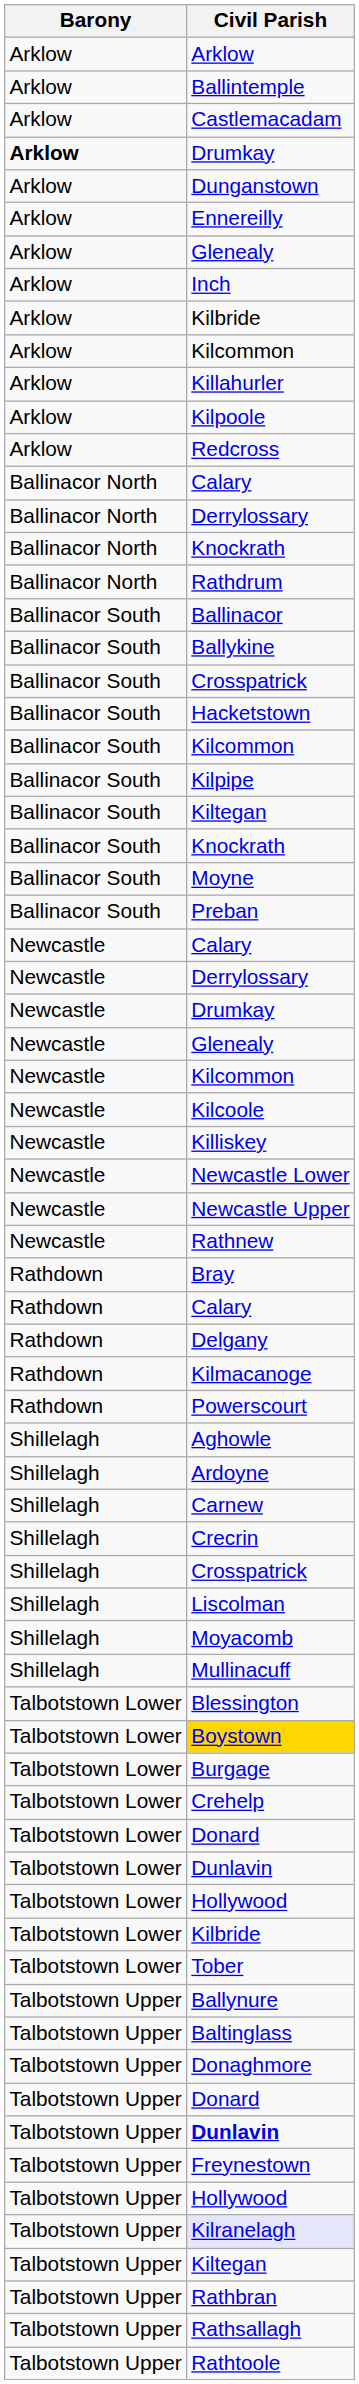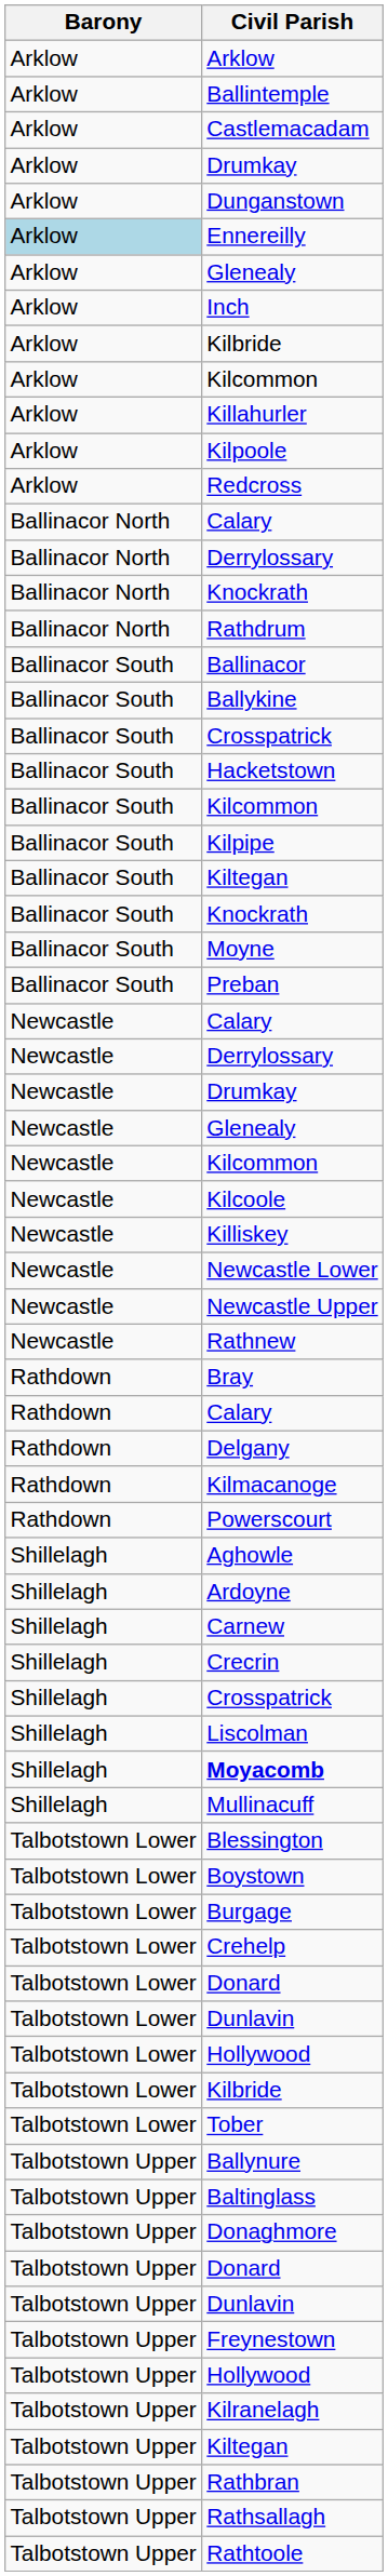 <table class="wikitable">
 <tr>
 <th>Barony</th>
 <th>Civil Parish</th>
 </tr>
 <tr>
 <td>Arklow</td>
 <td><a href='#'>Arklow</a></td>
 </tr>
 <tr>
 <td>Arklow</td>
 <td><a href='#'>Ballintemple</a></td>
 </tr>
 <tr>
 <td>Arklow</td>
 <td><a href='#'>Castlemacadam</a></td>
 </tr>
 <tr>
-<td><strong>Arklow</strong></td>
+<td>Arklow</td>
 <td><a href='#'>Drumkay</a></td>
 </tr>
 <tr>
 <td>Arklow</td>
 <td><a href='#'>Dunganstown</a></td>
 </tr>
 <tr>
-<td>Arklow</td>
+<td style="background: lightblue;">Arklow</td>
 <td><a href='#'>Ennereilly</a></td>
 </tr>
 <tr>
 <td>Arklow</td>
 <td><a href='#'>Glenealy</a></td>
 </tr>
 <tr>
 <td>Arklow</td>
 <td><a href='#'>Inch</a></td>
 </tr>
 <tr>
 <td>Arklow</td>
 <td>Kilbride</td>
 </tr>
 <tr>
 <td>Arklow</td>
 <td>Kilcommon</td>
 </tr>
 <tr>
 <td>Arklow</td>
 <td><a href='#'>Killahurler</a></td>
 </tr>
 <tr>
 <td>Arklow</td>
 <td><a href='#'>Kilpoole</a></td>
 </tr>
 <tr>
 <td>Arklow</td>
 <td><a href='#'>Redcross</a></td>
 </tr>
 <tr>
 <td>Ballinacor North</td>
 <td><a href='#'>Calary</a></td>
 </tr>
 <tr>
 <td>Ballinacor North</td>
 <td><a href='#'>Derrylossary</a></td>
 </tr>
 <tr>
 <td>Ballinacor North</td>
 <td><a href='#'>Knockrath</a></td>
 </tr>
 <tr>
 <td>Ballinacor North</td>
 <td><a href='#'>Rathdrum</a></td>
 </tr>
 <tr>
 <td>Ballinacor South</td>
 <td><a href='#'>Ballinacor</a></td>
 </tr>
 <tr>
 <td>Ballinacor South</td>
 <td><a href='#'>Ballykine</a></td>
 </tr>
 <tr>
 <td>Ballinacor South</td>
 <td><a href='#'>Crosspatrick</a></td>
 </tr>
 <tr>
 <td>Ballinacor South</td>
 <td><a href='#'>Hacketstown</a></td>
 </tr>
 <tr>
 <td>Ballinacor South</td>
 <td><a href='#'>Kilcommon</a></td>
 </tr>
 <tr>
 <td>Ballinacor South</td>
 <td><a href='#'>Kilpipe</a></td>
 </tr>
 <tr>
 <td>Ballinacor South</td>
 <td><a href='#'>Kiltegan</a></td>
 </tr>
 <tr>
 <td>Ballinacor South</td>
 <td><a href='#'>Knockrath</a></td>
 </tr>
 <tr>
 <td>Ballinacor South</td>
 <td><a href='#'>Moyne</a></td>
 </tr>
 <tr>
 <td>Ballinacor South</td>
 <td><a href='#'>Preban</a></td>
 </tr>
 <tr>
 <td>Newcastle</td>
 <td><a href='#'>Calary</a></td>
 </tr>
 <tr>
 <td>Newcastle</td>
 <td><a href='#'>Derrylossary</a></td>
 </tr>
 <tr>
 <td>Newcastle</td>
 <td><a href='#'>Drumkay</a></td>
 </tr>
 <tr>
 <td>Newcastle</td>
 <td><a href='#'>Glenealy</a></td>
 </tr>
 <tr>
 <td>Newcastle</td>
 <td><a href='#'>Kilcommon</a></td>
 </tr>
 <tr>
 <td>Newcastle</td>
 <td><a href='#'>Kilcoole</a></td>
 </tr>
 <tr>
 <td>Newcastle</td>
 <td><a href='#'>Killiskey</a></td>
 </tr>
 <tr>
 <td>Newcastle</td>
 <td><a href='#'>Newcastle Lower</a></td>
 </tr>
 <tr>
 <td>Newcastle</td>
 <td><a href='#'>Newcastle Upper</a></td>
 </tr>
 <tr>
 <td>Newcastle</td>
 <td><a href='#'>Rathnew</a></td>
 </tr>
 <tr>
 <td>Rathdown</td>
 <td><a href='#'>Bray</a></td>
 </tr>
 <tr>
 <td>Rathdown</td>
 <td><a href='#'>Calary</a></td>
 </tr>
 <tr>
 <td>Rathdown</td>
 <td><a href='#'>Delgany</a></td>
 </tr>
 <tr>
 <td>Rathdown</td>
 <td><a href='#'>Kilmacanoge</a></td>
 </tr>
 <tr>
 <td>Rathdown</td>
 <td><a href='#'>Powerscourt</a></td>
 </tr>
 <tr>
 <td>Shillelagh</td>
 <td><a href='#'>Aghowle</a></td>
 </tr>
 <tr>
 <td>Shillelagh</td>
 <td><a href='#'>Ardoyne</a></td>
 </tr>
 <tr>
 <td>Shillelagh</td>
 <td><a href='#'>Carnew</a></td>
 </tr>
 <tr>
 <td>Shillelagh</td>
 <td><a href='#'>Crecrin</a></td>
 </tr>
 <tr>
 <td>Shillelagh</td>
 <td><a href='#'>Crosspatrick</a></td>
 </tr>
 <tr>
 <td>Shillelagh</td>
 <td><a href='#'>Liscolman</a></td>
 </tr>
 <tr>
 <td>Shillelagh</td>
-<td><a href='#'>Moyacomb</a></td>
+<td><strong><a href='#'>Moyacomb</a></strong></td>
 </tr>
 <tr>
 <td>Shillelagh</td>
 <td><a href='#'>Mullinacuff</a></td>
 </tr>
 <tr>
 <td>Talbotstown Lower</td>
 <td><a href='#'>Blessington</a></td>
 </tr>
 <tr>
 <td>Talbotstown Lower</td>
-<td style="background: gold;"><a href='#'>Boystown</a></td>
+<td><a href='#'>Boystown</a></td>
 </tr>
 <tr>
 <td>Talbotstown Lower</td>
 <td><a href='#'>Burgage</a></td>
 </tr>
 <tr>
 <td>Talbotstown Lower</td>
 <td><a href='#'>Crehelp</a></td>
 </tr>
 <tr>
 <td>Talbotstown Lower</td>
 <td><a href='#'>Donard</a></td>
 </tr>
 <tr>
 <td>Talbotstown Lower</td>
 <td><a href='#'>Dunlavin</a></td>
 </tr>
 <tr>
 <td>Talbotstown Lower</td>
 <td><a href='#'>Hollywood</a></td>
 </tr>
 <tr>
 <td>Talbotstown Lower</td>
 <td><a href='#'>Kilbride</a></td>
 </tr>
 <tr>
 <td>Talbotstown Lower</td>
 <td><a href='#'>Tober</a></td>
 </tr>
 <tr>
 <td>Talbotstown Upper</td>
 <td><a href='#'>Ballynure</a></td>
 </tr>
 <tr>
 <td>Talbotstown Upper</td>
 <td><a href='#'>Baltinglass</a></td>
 </tr>
 <tr>
 <td>Talbotstown Upper</td>
 <td><a href='#'>Donaghmore</a></td>
 </tr>
 <tr>
 <td>Talbotstown Upper</td>
 <td><a href='#'>Donard</a></td>
 </tr>
 <tr>
 <td>Talbotstown Upper</td>
-<td><strong><a href='#'>Dunlavin</a></strong></td>
+<td><a href='#'>Dunlavin</a></td>
 </tr>
 <tr>
 <td>Talbotstown Upper</td>
 <td><a href='#'>Freynestown</a></td>
 </tr>
 <tr>
 <td>Talbotstown Upper</td>
 <td><a href='#'>Hollywood</a></td>
 </tr>
 <tr>
 <td>Talbotstown Upper</td>
-<td style="background: lavender;"><a href='#'>Kilranelagh</a></td>
+<td><a href='#'>Kilranelagh</a></td>
 </tr>
 <tr>
 <td>Talbotstown Upper</td>
 <td><a href='#'>Kiltegan</a></td>
 </tr>
 <tr>
 <td>Talbotstown Upper</td>
 <td><a href='#'>Rathbran</a></td>
 </tr>
 <tr>
 <td>Talbotstown Upper</td>
 <td><a href='#'>Rathsallagh</a></td>
 </tr>
 <tr>
 <td>Talbotstown Upper</td>
 <td><a href='#'>Rathtoole</a></td>
 </tr>
 <tr>
 </tr>
 </table>
